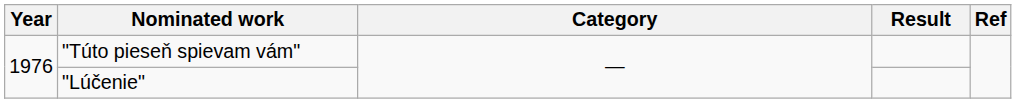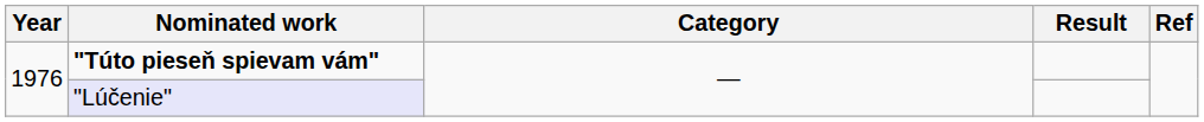 <table class="wikitable">
 <tr>
 <th style="width:10px;">Year</th>
 <th style="width:237px;">Nominated work</th>
 <th style="width:410px;">Category</th>
 <th style="width:73px;">Result</th>
 <th>Ref</th>
 </tr>
 <tr>
 <td rowspan=2>1976</td>
-<td>"Túto pieseň spievam vám"</td>
+<td><strong>"Túto pieseň spievam vám"</strong></td>
 <td rowspan=2 align=center>—</td>
 <td></td>
 <td rowspan=2 style="text-align:center;"></td>
 </tr>
 <tr>
-<td>"Lúčenie"</td>
+<td style="background: lavender;">"Lúčenie"</td>
 <td></td>
 </tr>
 </table>
